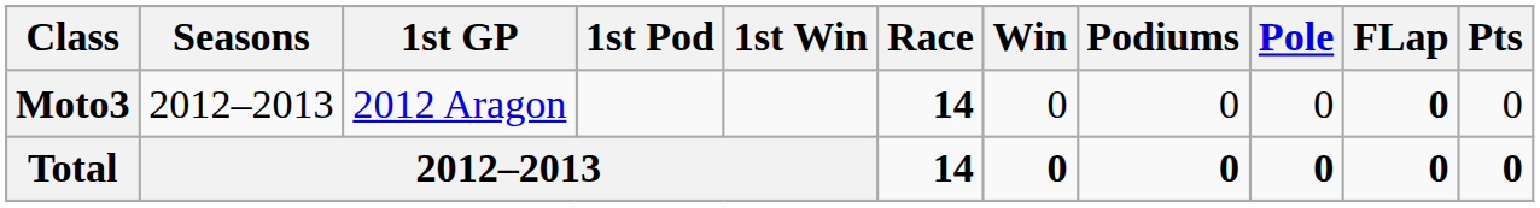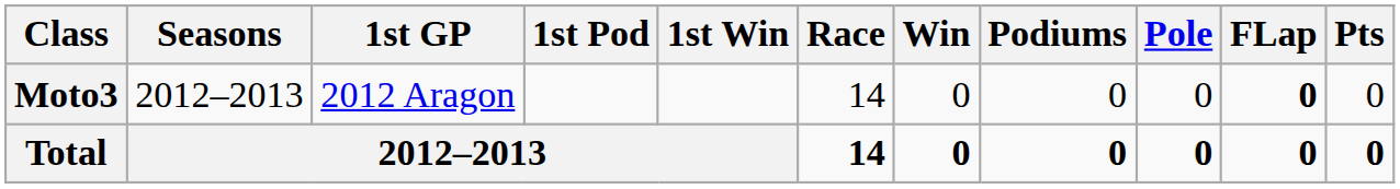 <table class="wikitable" style=text-align:right>
 <tr>
 <th>Class</th>
 <th>Seasons</th>
 <th>1st GP</th>
 <th>1st Pod</th>
 <th>1st Win</th>
 <th>Race</th>
 <th>Win</th>
 <th>Podiums</th>
 <th><a href='#'>Pole</a></th>
 <th>FLap</th>
 <th>Pts</th>
 </tr>
 <tr>
 <th>Moto3</th>
 <td>2012–2013</td>
 <td align="left"><a href='#'>2012 Aragon</a></td>
 <td align="left"></td>
 <td align="left"></td>
-<td><strong>14</strong></td>
+<td>14</td>
 <td>0</td>
 <td>0</td>
 <td>0</td>
 <td><strong>0</strong></td>
 <td>0</td>
 </tr>
 <tr>
 <th>Total</th>
 <th colspan=4>2012–2013</th>
 <td><strong>14</strong></td>
 <td><strong>0</strong></td>
 <td><strong>0</strong></td>
 <td><strong>0</strong></td>
 <td><strong>0</strong></td>
 <td><strong>0</strong></td>
 </tr>
 </table>
